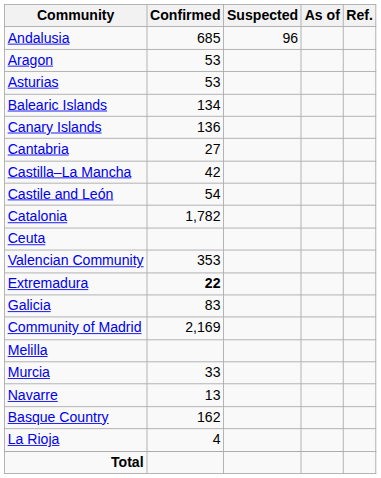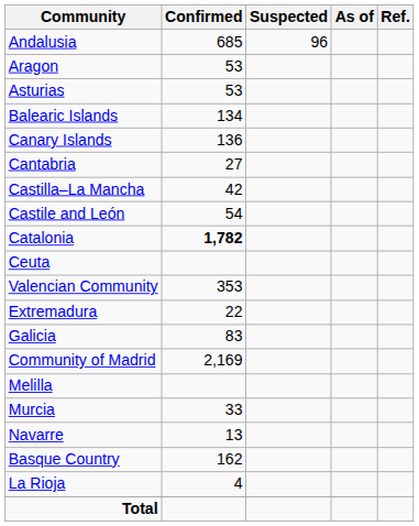 <table class="wikitable sortable" style="text-align:right; display:inline-table;">
 <tr>
 <th>Community</th>
 <th>Confirmed</th>
 <th>Suspected</th>
 <th>As of</th>
 <th>Ref.</th>
 </tr>
 <tr>
 <td style="text-align:left;"> <a href='#'>Andalusia</a></td>
 <td>685</td>
 <td>96</td>
 <td></td>
 <td></td>
 </tr>
 <tr>
 <td style="text-align:left;"> <a href='#'>Aragon</a></td>
 <td>53</td>
 <td></td>
 <td></td>
 <td></td>
 </tr>
 <tr>
 <td style="text-align:left;"> <a href='#'>Asturias</a></td>
 <td>53</td>
 <td></td>
 <td></td>
 <td></td>
 </tr>
 <tr>
 <td style="text-align:left;"> <a href='#'>Balearic Islands</a></td>
 <td>134</td>
 <td></td>
 <td></td>
 <td></td>
 </tr>
 <tr>
 <td style="text-align:left;"> <a href='#'>Canary Islands</a></td>
 <td>136</td>
 <td></td>
 <td></td>
 <td></td>
 </tr>
 <tr>
 <td style="text-align:left;"> <a href='#'>Cantabria</a></td>
 <td>27</td>
 <td></td>
 <td></td>
 <td></td>
 </tr>
 <tr>
 <td style="text-align:left;"> <a href='#'>Castilla–La Mancha</a></td>
 <td>42</td>
 <td></td>
 <td></td>
 <td></td>
 </tr>
 <tr>
 <td style="text-align:left;"> <a href='#'>Castile and León</a></td>
 <td>54</td>
 <td></td>
 <td></td>
 <td></td>
 </tr>
 <tr>
 <td style="text-align:left;"> <a href='#'>Catalonia</a></td>
-<td>1,782</td>
+<td><strong>1,782</strong></td>
 <td></td>
 <td></td>
 <td></td>
 </tr>
 <tr>
 <td style="text-align:left;"> <a href='#'>Ceuta</a></td>
 <td></td>
 <td></td>
 <td></td>
 <td></td>
 </tr>
 <tr>
 <td style="text-align:left;"> <a href='#'>Valencian Community</a></td>
 <td>353</td>
 <td></td>
 <td></td>
 <td></td>
 </tr>
 <tr>
 <td style="text-align:left;"> <a href='#'>Extremadura</a></td>
-<td><strong>22</strong></td>
+<td>22</td>
 <td></td>
 <td></td>
 <td></td>
 </tr>
 <tr>
 <td style="text-align:left;"> <a href='#'>Galicia</a></td>
 <td>83</td>
 <td></td>
 <td></td>
 <td></td>
 </tr>
 <tr>
 <td style="text-align:left;"> <a href='#'>Community of Madrid</a></td>
 <td>2,169</td>
 <td></td>
 <td></td>
 <td></td>
 </tr>
 <tr>
 <td style="text-align:left;"> <a href='#'>Melilla</a></td>
 <td></td>
 <td></td>
 <td></td>
 <td></td>
 </tr>
 <tr>
 <td style="text-align:left;"> <a href='#'>Murcia</a></td>
 <td>33</td>
 <td></td>
 <td></td>
 <td></td>
 </tr>
 <tr>
 <td style="text-align:left;"> <a href='#'>Navarre</a></td>
 <td>13</td>
 <td></td>
 <td></td>
 <td></td>
 </tr>
 <tr>
 <td style="text-align:left;"> <a href='#'>Basque Country</a></td>
 <td>162</td>
 <td></td>
 <td></td>
 <td></td>
 </tr>
 <tr>
 <td style="text-align:left;"> <a href='#'>La Rioja</a></td>
 <td>4</td>
 <td></td>
 <td></td>
 <td></td>
 </tr>
 <tr>
 </tr>
 <tr class="sortbottom">
 <td><strong>Total</strong></td>
 <td><strong></strong></td>
 <td><strong></strong></td>
 <td></td>
 </tr>
 </table>
